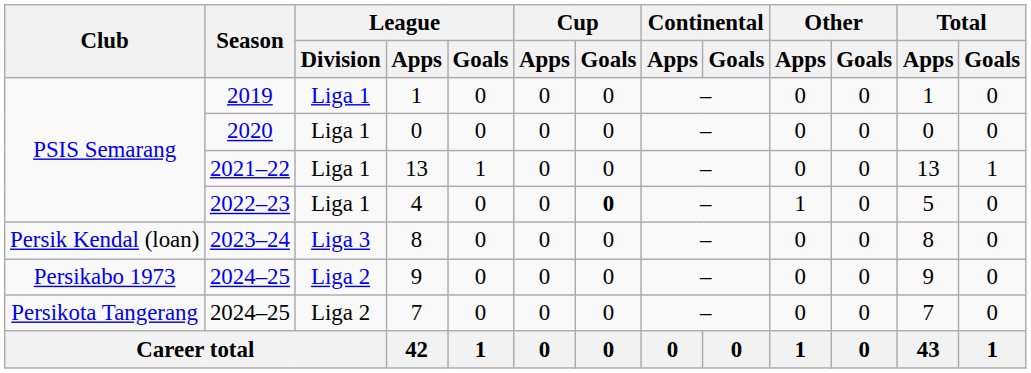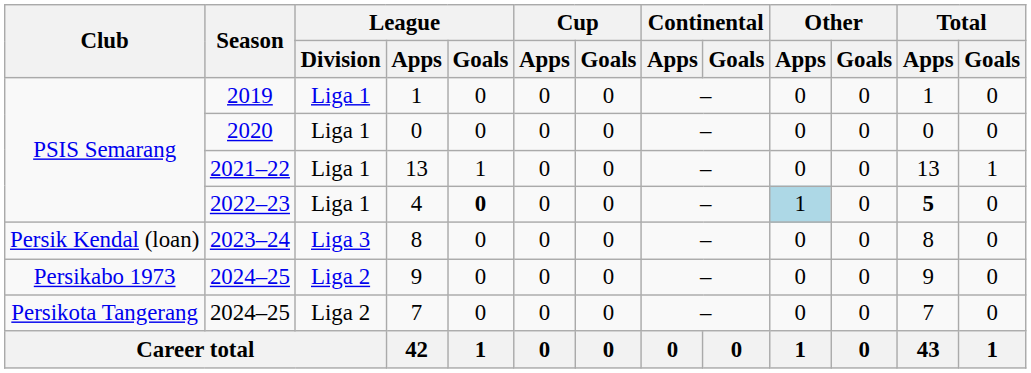 <table class="wikitable" style="text-align: center">
 <tr>
 <th rowspan="2">Club</th>
 <th rowspan="2">Season</th>
 <th colspan="3">League</th>
 <th colspan="2">Cup</th>
 <th colspan="2">Continental</th>
 <th colspan="2">Other</th>
 <th colspan="2">Total</th>
 </tr>
 <tr>
 <th>Division</th>
 <th>Apps</th>
 <th>Goals</th>
 <th>Apps</th>
 <th>Goals</th>
 <th>Apps</th>
 <th>Goals</th>
 <th>Apps</th>
 <th>Goals</th>
 <th>Apps</th>
 <th>Goals</th>
 </tr>
 <tr>
 <td rowspan="4"><a href='#'>PSIS Semarang</a></td>
 <td><a href='#'>2019</a></td>
 <td rowspan="1"><a href='#'>Liga 1</a></td>
 <td>1</td>
 <td>0</td>
 <td>0</td>
 <td>0</td>
 <td colspan="2">–</td>
 <td>0</td>
 <td>0</td>
 <td>1</td>
 <td>0</td>
 </tr>
 <tr>
 <td><a href='#'>2020</a></td>
 <td>Liga 1</td>
 <td>0</td>
 <td>0</td>
 <td>0</td>
 <td>0</td>
 <td colspan="2">–</td>
 <td>0</td>
 <td>0</td>
 <td>0</td>
 <td>0</td>
 </tr>
 <tr>
 <td><a href='#'>2021–22</a></td>
 <td rowspan="1" valign="center">Liga 1</td>
 <td>13</td>
 <td>1</td>
 <td>0</td>
 <td>0</td>
 <td colspan="2">–</td>
 <td>0</td>
 <td>0</td>
 <td>13</td>
 <td>1</td>
 </tr>
 <tr>
 <td><a href='#'>2022–23</a></td>
 <td>Liga 1</td>
 <td>4</td>
+<td><strong>0</strong></td>
 <td>0</td>
 <td>0</td>
-<td><strong>0</strong></td>
 <td colspan="2">–</td>
-<td>1</td>
+<td style="background: lightblue;">1</td>
 <td>0</td>
-<td>5</td>
+<td><strong>5</strong></td>
 <td>0</td>
 </tr>
 <tr>
 <td><a href='#'>Persik Kendal</a> (loan)</td>
 <td><a href='#'>2023–24</a></td>
 <td><a href='#'>Liga 3</a></td>
 <td>8</td>
 <td>0</td>
 <td>0</td>
 <td>0</td>
 <td colspan="2">–</td>
 <td>0</td>
 <td>0</td>
 <td>8</td>
 <td>0</td>
 </tr>
 <tr>
 <td><a href='#'>Persikabo 1973</a></td>
 <td><a href='#'>2024–25</a></td>
 <td><a href='#'>Liga 2</a></td>
 <td>9</td>
 <td>0</td>
 <td>0</td>
 <td>0</td>
 <td colspan="2">–</td>
 <td>0</td>
 <td>0</td>
 <td>9</td>
 <td>0</td>
 </tr>
 <tr>
 <td><a href='#'>Persikota Tangerang</a></td>
 <td>2024–25</td>
 <td>Liga 2</td>
 <td>7</td>
 <td>0</td>
 <td>0</td>
 <td>0</td>
 <td colspan="2">–</td>
 <td>0</td>
 <td>0</td>
 <td>7</td>
 <td>0</td>
 </tr>
 <tr>
 <th colspan="3">Career total</th>
 <th>42</th>
 <th>1</th>
 <th>0</th>
 <th>0</th>
 <th>0</th>
 <th>0</th>
 <th>1</th>
 <th>0</th>
 <th>43</th>
 <th>1</th>
 </tr>
 </table>
